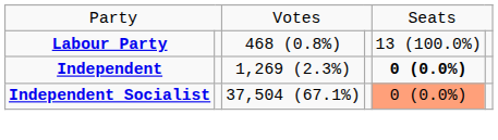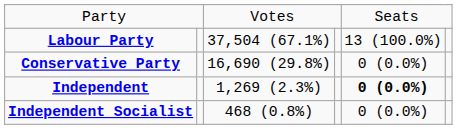 <table class=wikitable style="text-align:center;">
 <tr>
 <td colspan=2>Party</td>
 <td colspan=2>Votes</td>
 <td colspan=2>Seats</td>
 </tr>
 <tr>
 <td><strong><a href='#'>Labour Party</a></strong></td>
 <td style="background:"></td>
-<td>468 (0.8%)</td>
+<td>37,504 (67.1%)</td>
 <td></td>
 <td>13 (100.0%)</td>
+<td></td>
+</tr>
+<tr>
+<td><strong><a href='#'>Conservative Party</a></strong></td>
+<td style="background:"></td>
+<td>16,690 (29.8%)</td>
+<td></td>
+<td>0 (0.0%)</td>
 <td></td>
 </tr>
 <tr>
 <td><strong><a href='#'>Independent</a></strong></td>
 <td style="background:"></td>
 <td>1,269 (2.3%)</td>
 <td></td>
 <td><strong>0 (0.0%)</strong></td>
 <td></td>
 </tr>
 <tr>
 <td><strong><a href='#'>Independent Socialist</a></strong></td>
 <td style="background:"></td>
-<td>37,504 (67.1%)</td>
+<td>468 (0.8%)</td>
 <td></td>
-<td style="background: lightsalmon;">0 (0.0%)</td>
+<td>0 (0.0%)</td>
 <td></td>
 </tr>
 </table>
